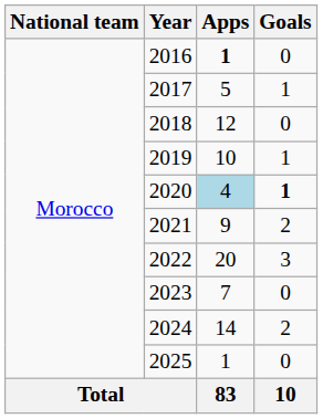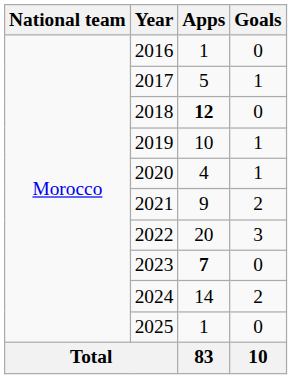 <table class="wikitable" style="text-align:center">
 <tr>
 <th>National team</th>
 <th>Year</th>
 <th>Apps</th>
 <th>Goals</th>
 </tr>
 <tr>
 <td rowspan="10"><a href='#'>Morocco</a></td>
 <td>2016</td>
-<td><strong>1</strong></td>
+<td>1</td>
 <td>0</td>
 </tr>
 <tr>
 <td>2017</td>
 <td>5</td>
 <td>1</td>
 </tr>
 <tr>
 <td>2018</td>
-<td>12</td>
+<td><strong>12</strong></td>
 <td>0</td>
 </tr>
 <tr>
 <td>2019</td>
 <td>10</td>
 <td>1</td>
 </tr>
 <tr>
 <td>2020</td>
-<td style="background: lightblue;">4</td>
-<td><strong>1</strong></td>
+<td>4</td>
+<td>1</td>
 </tr>
 <tr>
 <td>2021</td>
 <td>9</td>
 <td>2</td>
 </tr>
 <tr>
 <td>2022</td>
 <td>20</td>
 <td>3</td>
 </tr>
 <tr>
 <td>2023</td>
-<td>7</td>
+<td><strong>7</strong></td>
 <td>0</td>
 </tr>
 <tr>
 <td>2024</td>
 <td>14</td>
 <td>2</td>
 </tr>
 <tr>
 <td>2025</td>
 <td>1</td>
 <td>0</td>
 </tr>
 <tr>
 <th colspan="2">Total</th>
 <th>83</th>
 <th>10</th>
 </tr>
 </table>
